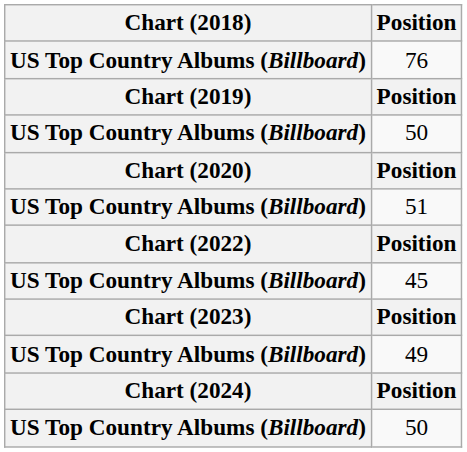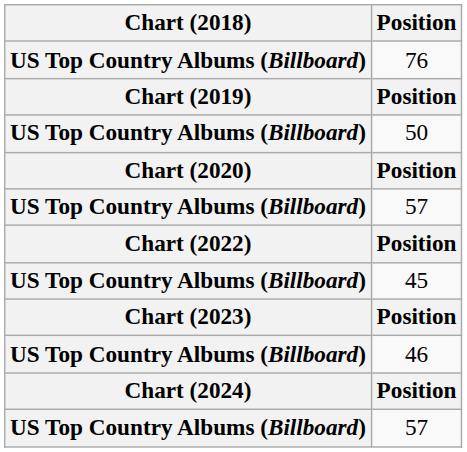 <table class="wikitable plainrowheaders" style="text-align:center">
 <tr>
 <th scope="col">Chart (2018)</th>
 <th scope="col">Position</th>
 </tr>
 <tr>
 <th scope="row">US Top Country Albums (<em>Billboard</em>)</th>
 <td>76</td>
 </tr>
 <tr>
 <th scope="col">Chart (2019)</th>
 <th scope="col">Position</th>
 </tr>
 <tr>
 <th scope="row">US Top Country Albums (<em>Billboard</em>)</th>
 <td>50</td>
 </tr>
 <tr>
 <th scope="col">Chart (2020)</th>
 <th scope="col">Position</th>
 </tr>
 <tr>
 <th scope="row">US Top Country Albums (<em>Billboard</em>)</th>
-<td>51</td>
+<td>57</td>
 </tr>
 <tr>
 <th scope="col">Chart (2022)</th>
 <th scope="col">Position</th>
 </tr>
 <tr>
 <th scope="row">US Top Country Albums (<em>Billboard</em>)</th>
 <td>45</td>
 </tr>
 <tr>
 <th scope="col">Chart (2023)</th>
 <th scope="col">Position</th>
 </tr>
 <tr>
 <th scope="row">US Top Country Albums (<em>Billboard</em>)</th>
-<td>49</td>
+<td>46</td>
 </tr>
 <tr>
 <th scope="col">Chart (2024)</th>
 <th scope="col">Position</th>
 </tr>
 <tr>
 <th scope="row">US Top Country Albums (<em>Billboard</em>)</th>
-<td>50</td>
+<td>57</td>
 </tr>
 </table>
